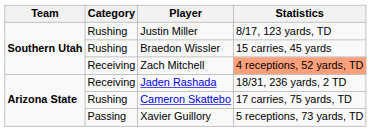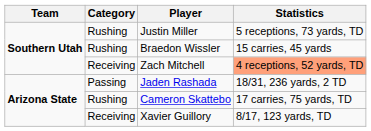 <table class="wikitable" style="float: right;">
 <tr>
 <th>Team</th>
 <th>Category</th>
 <th>Player</th>
 <th>Statistics</th>
 </tr>
 <tr>
 <td rowspan=3><strong>Southern Utah</strong></td>
 <td>Rushing</td>
 <td>Justin Miller</td>
-<td>8/17, 123 yards, TD</td>
+<td>5 receptions, 73 yards, TD</td>
 </tr>
 <tr>
 <td>Rushing</td>
 <td>Braedon Wissler</td>
 <td>15 carries, 45 yards</td>
 </tr>
 <tr>
 <td>Receiving</td>
 <td>Zach Mitchell</td>
 <td style="background: lightsalmon;">4 receptions, 52 yards, TD</td>
 </tr>
 <tr>
 <td rowspan=3><strong>Arizona State</strong></td>
-<td>Receiving</td>
+<td>Passing</td>
 <td><a href='#'>Jaden Rashada</a></td>
 <td>18/31, 236 yards, 2 TD</td>
 </tr>
 <tr>
 <td>Rushing</td>
 <td><a href='#'>Cameron Skattebo</a></td>
 <td>17 carries, 75 yards, TD</td>
 </tr>
 <tr>
-<td>Passing</td>
+<td>Receiving</td>
 <td>Xavier Guillory</td>
-<td>5 receptions, 73 yards, TD</td>
+<td>8/17, 123 yards, TD</td>
 </tr>
 </table>
